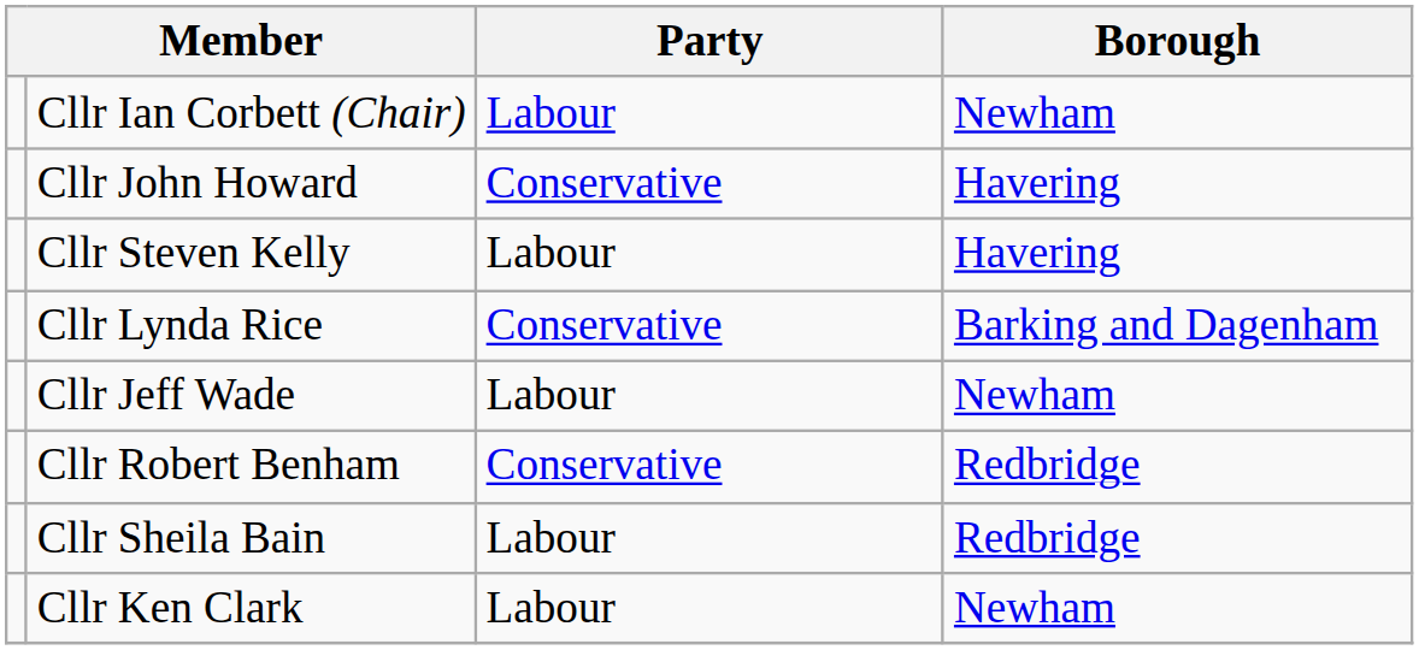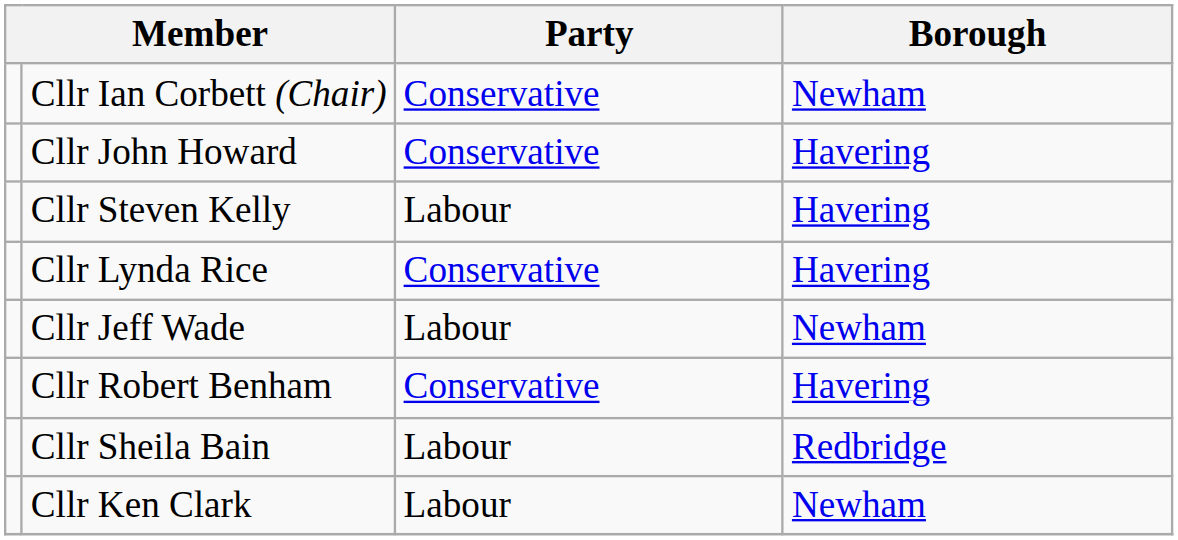 <table class="wikitable">
 <tr>
 <th width="160px" colspan="2">Member</th>
 <th width="160px" colspan="1">Party</th>
 <th width="160px" colspan="2">Borough</th>
 </tr>
 <tr>
 <td style="color:inherit;background:"></td>
 <td>Cllr Ian Corbett <em>(Chair)</em></td>
-<td><a href='#'>Labour</a></td>
+<td><a href='#'>Conservative</a></td>
 <td><a href='#'>Newham</a></td>
 </tr>
 <tr>
 <td style="color:inherit;background:"></td>
 <td>Cllr John Howard</td>
 <td><a href='#'>Conservative</a></td>
 <td><a href='#'>Havering</a></td>
 </tr>
 <tr>
 <td style="color:inherit;background:"></td>
 <td>Cllr Steven Kelly</td>
 <td>Labour</td>
 <td><a href='#'>Havering</a></td>
 </tr>
 <tr>
 <td style="color:inherit;background:"></td>
 <td>Cllr Lynda Rice</td>
 <td><a href='#'>Conservative</a></td>
-<td><a href='#'>Barking and Dagenham</a></td>
+<td><a href='#'>Havering</a></td>
 </tr>
 <tr>
 <td style="color:inherit;background:"></td>
 <td>Cllr Jeff Wade</td>
 <td>Labour</td>
 <td><a href='#'>Newham</a></td>
 </tr>
 <tr>
 <td style="color:inherit;background:"></td>
 <td>Cllr Robert Benham</td>
 <td><a href='#'>Conservative</a></td>
-<td><a href='#'>Redbridge</a></td>
+<td><a href='#'>Havering</a></td>
 </tr>
 <tr>
 <td style="color:inherit;background:"></td>
 <td>Cllr Sheila Bain</td>
 <td>Labour</td>
 <td><a href='#'>Redbridge</a></td>
 </tr>
 <tr>
 <td style="color:inherit;background:"></td>
 <td>Cllr Ken Clark</td>
 <td>Labour</td>
 <td><a href='#'>Newham</a></td>
 </tr>
 <tr>
 </tr>
 </table>
